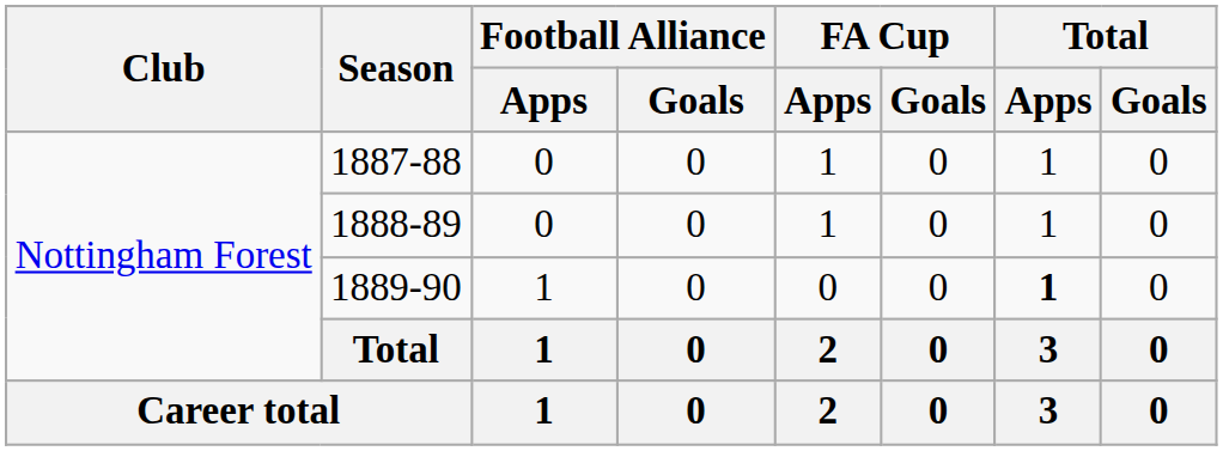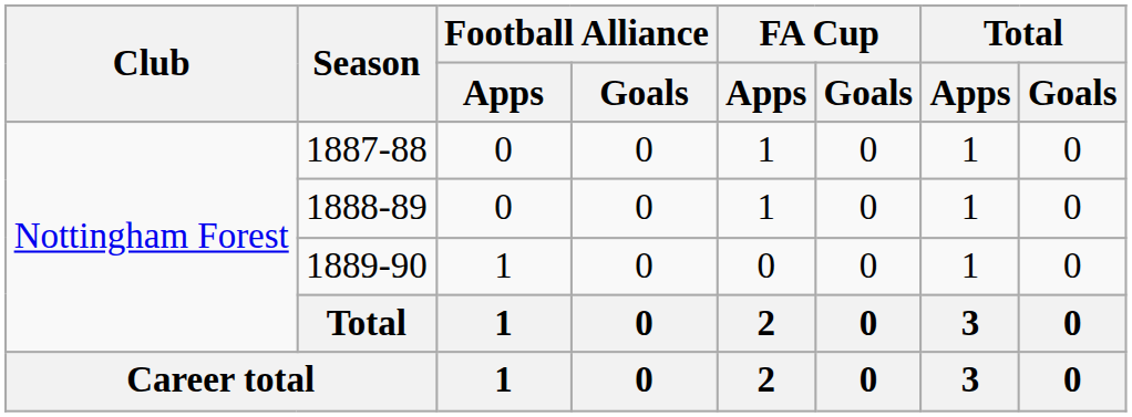 <table class="wikitable" style="text-align: center;">
 <tr>
 <th rowspan="2">Club</th>
 <th rowspan="2">Season</th>
 <th colspan="2">Football Alliance</th>
 <th colspan="2">FA Cup</th>
 <th colspan="2">Total</th>
 </tr>
 <tr>
 <th>Apps</th>
 <th>Goals</th>
 <th>Apps</th>
 <th>Goals</th>
 <th>Apps</th>
 <th>Goals</th>
 </tr>
 <tr>
 <td rowspan="4"><a href='#'>Nottingham Forest</a></td>
 <td>1887-88</td>
 <td>0</td>
 <td>0</td>
 <td>1</td>
 <td>0</td>
 <td>1</td>
 <td>0</td>
 </tr>
 <tr>
 <td>1888-89</td>
 <td>0</td>
 <td>0</td>
 <td>1</td>
 <td>0</td>
 <td>1</td>
 <td>0</td>
 </tr>
 <tr>
 <td>1889-90</td>
 <td>1</td>
 <td>0</td>
 <td>0</td>
 <td>0</td>
-<td><strong>1</strong></td>
+<td>1</td>
 <td>0</td>
 </tr>
 <tr>
 <th colspan="1">Total</th>
 <th>1</th>
 <th>0</th>
 <th>2</th>
 <th>0</th>
 <th>3</th>
 <th>0</th>
 </tr>
 <tr>
 <th colspan="2">Career total</th>
 <th>1</th>
 <th>0</th>
 <th>2</th>
 <th>0</th>
 <th>3</th>
 <th>0</th>
 </tr>
 </table>
